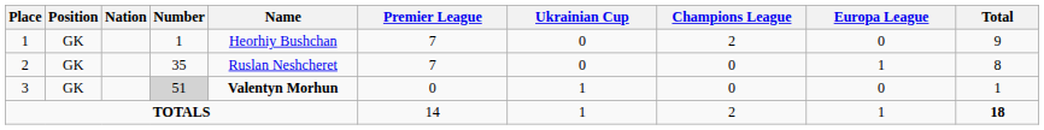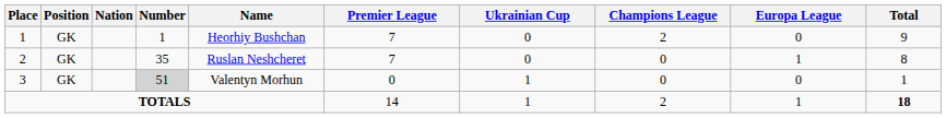 <table class="wikitable" style="font-size: 95%; text-align: center;">
 <tr>
 <th width=20>Place</th>
 <th width=20>Position</th>
 <th width=20>Nation</th>
 <th width=20>Number</th>
 <th width=150>Name</th>
 <th width=150><a href='#'>Premier League</a></th>
 <th width=150><a href='#'>Ukrainian Cup</a></th>
 <th width=150><a href='#'>Champions League</a></th>
 <th width=150><a href='#'>Europa League</a></th>
 <th width=80>Total</th>
 </tr>
 <tr>
 <td>1</td>
 <td>GK</td>
 <td></td>
 <td>1</td>
 <td><a href='#'>Heorhiy Bushchan</a></td>
 <td>7</td>
 <td>0</td>
 <td>2</td>
 <td>0</td>
 <td>9</td>
 </tr>
 <tr>
 <td>2</td>
 <td>GK</td>
 <td></td>
 <td>35</td>
 <td><a href='#'>Ruslan Neshcheret</a></td>
 <td>7</td>
 <td>0</td>
 <td>0</td>
 <td>1</td>
 <td>8</td>
 </tr>
 <tr>
 <td>3</td>
 <td>GK</td>
 <td></td>
 <td style="background: lightgrey;">51</td>
-<td><strong>Valentyn Morhun</strong></td>
+<td>Valentyn Morhun</td>
 <td>0</td>
 <td>1</td>
 <td>0</td>
 <td>0</td>
 <td>1</td>
 </tr>
 <tr>
 <td colspan="5"><strong>TOTALS</strong></td>
 <td>14</td>
 <td>1</td>
 <td>2</td>
 <td>1</td>
 <td><strong>18</strong></td>
 </tr>
 </table>
